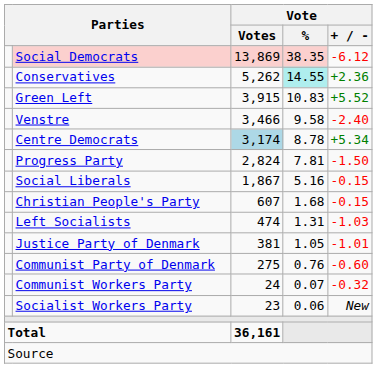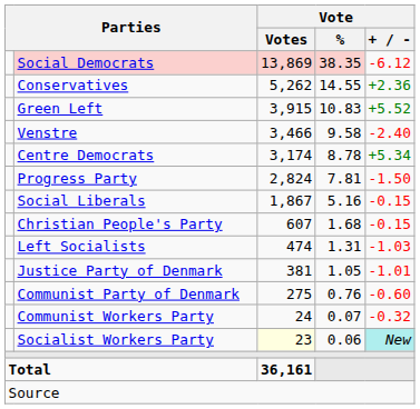 <table class="wikitable" style="text-align:right;">
 <tr>
 <th style="text-align:centre;" rowspan="2" colspan="2" width="225">Parties</th>
 <th colspan="3">Vote</th>
 </tr>
 <tr>
 <th width="15">Votes</th>
 <th width="15">%</th>
 <th width="15">+ / -</th>
 </tr>
 <tr>
 <td width="2" style="color:inherit;background:"></td>
 <td bgcolor=#fbd0ce  align="left"><a href='#'>Social Democrats</a></td>
 <td bgcolor=#fbd0ce>13,869</td>
 <td bgcolor=#fbd0ce>38.35</td>
 <td style=color:red;>-6.12</td>
 </tr>
 <tr>
 <td width="2" style="color:inherit;background:"></td>
 <td align="left"><a href='#'>Conservatives</a></td>
 <td>5,262</td>
-<td style="background: paleturquoise;">14.55</td>
+<td>14.55</td>
 <td style=color:green;>+2.36</td>
 </tr>
 <tr>
 <td width="2" style="color:inherit;background:"></td>
 <td align="left"><a href='#'>Green Left</a></td>
 <td>3,915</td>
 <td>10.83</td>
 <td style=color:green;>+5.52</td>
 </tr>
 <tr>
 <td width="2" style="color:inherit;background:"></td>
 <td align="left"><a href='#'>Venstre</a></td>
 <td>3,466</td>
 <td>9.58</td>
 <td style=color:red;>-2.40</td>
 </tr>
 <tr>
 <td width="2" style="color:inherit;background:"></td>
 <td align="left"><a href='#'>Centre Democrats</a></td>
-<td style="background: lightblue;">3,174</td>
+<td>3,174</td>
 <td>8.78</td>
 <td style=color:green;>+5.34</td>
 </tr>
 <tr>
 <td width="2" style="color:inherit;background:"></td>
 <td align="left"><a href='#'>Progress Party</a></td>
 <td>2,824</td>
 <td>7.81</td>
 <td style=color:red;>-1.50</td>
 </tr>
 <tr>
 <td width="2" style="color:inherit;background:"></td>
 <td align="left"><a href='#'>Social Liberals</a></td>
 <td>1,867</td>
 <td>5.16</td>
 <td style=color:red;>-0.15</td>
 </tr>
 <tr>
 <td width="2" style="color:inherit;background:"></td>
 <td align="left"><a href='#'>Christian People's Party</a></td>
 <td>607</td>
 <td>1.68</td>
 <td style=color:red;>-0.15</td>
 </tr>
 <tr>
 <td width="2" style="color:inherit;background:"></td>
 <td align="left"><a href='#'>Left Socialists</a></td>
 <td>474</td>
 <td>1.31</td>
 <td style=color:red;>-1.03</td>
 </tr>
 <tr>
 <td width="2" style="color:inherit;background:"></td>
 <td align="left"><a href='#'>Justice Party of Denmark</a></td>
 <td>381</td>
 <td>1.05</td>
 <td style=color:red;>-1.01</td>
 </tr>
 <tr>
 <td width="2" style="color:inherit;background:"></td>
 <td align="left"><a href='#'>Communist Party of Denmark</a></td>
 <td>275</td>
 <td>0.76</td>
 <td style=color:red;>-0.60</td>
 </tr>
 <tr>
 <td width="2" style="color:inherit;background:"></td>
 <td align="left"><a href='#'>Communist Workers Party</a></td>
 <td>24</td>
 <td>0.07</td>
 <td style=color:red;>-0.32</td>
 </tr>
 <tr>
 <td width="2" style="color:inherit;background:"></td>
 <td align="left"><a href='#'>Socialist Workers Party</a></td>
-<td>23</td>
+<td style="background: lightyellow;">23</td>
 <td>0.06</td>
-<td><em>New</em></td>
+<td style="background: paleturquoise;"><em>New</em></td>
 </tr>
 <tr>
 <td colspan="7" bgcolor="#E9E9E9"></td>
 </tr>
 <tr>
 <td align="left" colspan="2"><strong>Total</strong></td>
 <td><strong>36,161</strong></td>
 <td bgcolor="#E9E9E9" colspan="2"></td>
 </tr>
 <tr>
 <td align="left" colspan="6">Source</td>
 </tr>
 </table>
